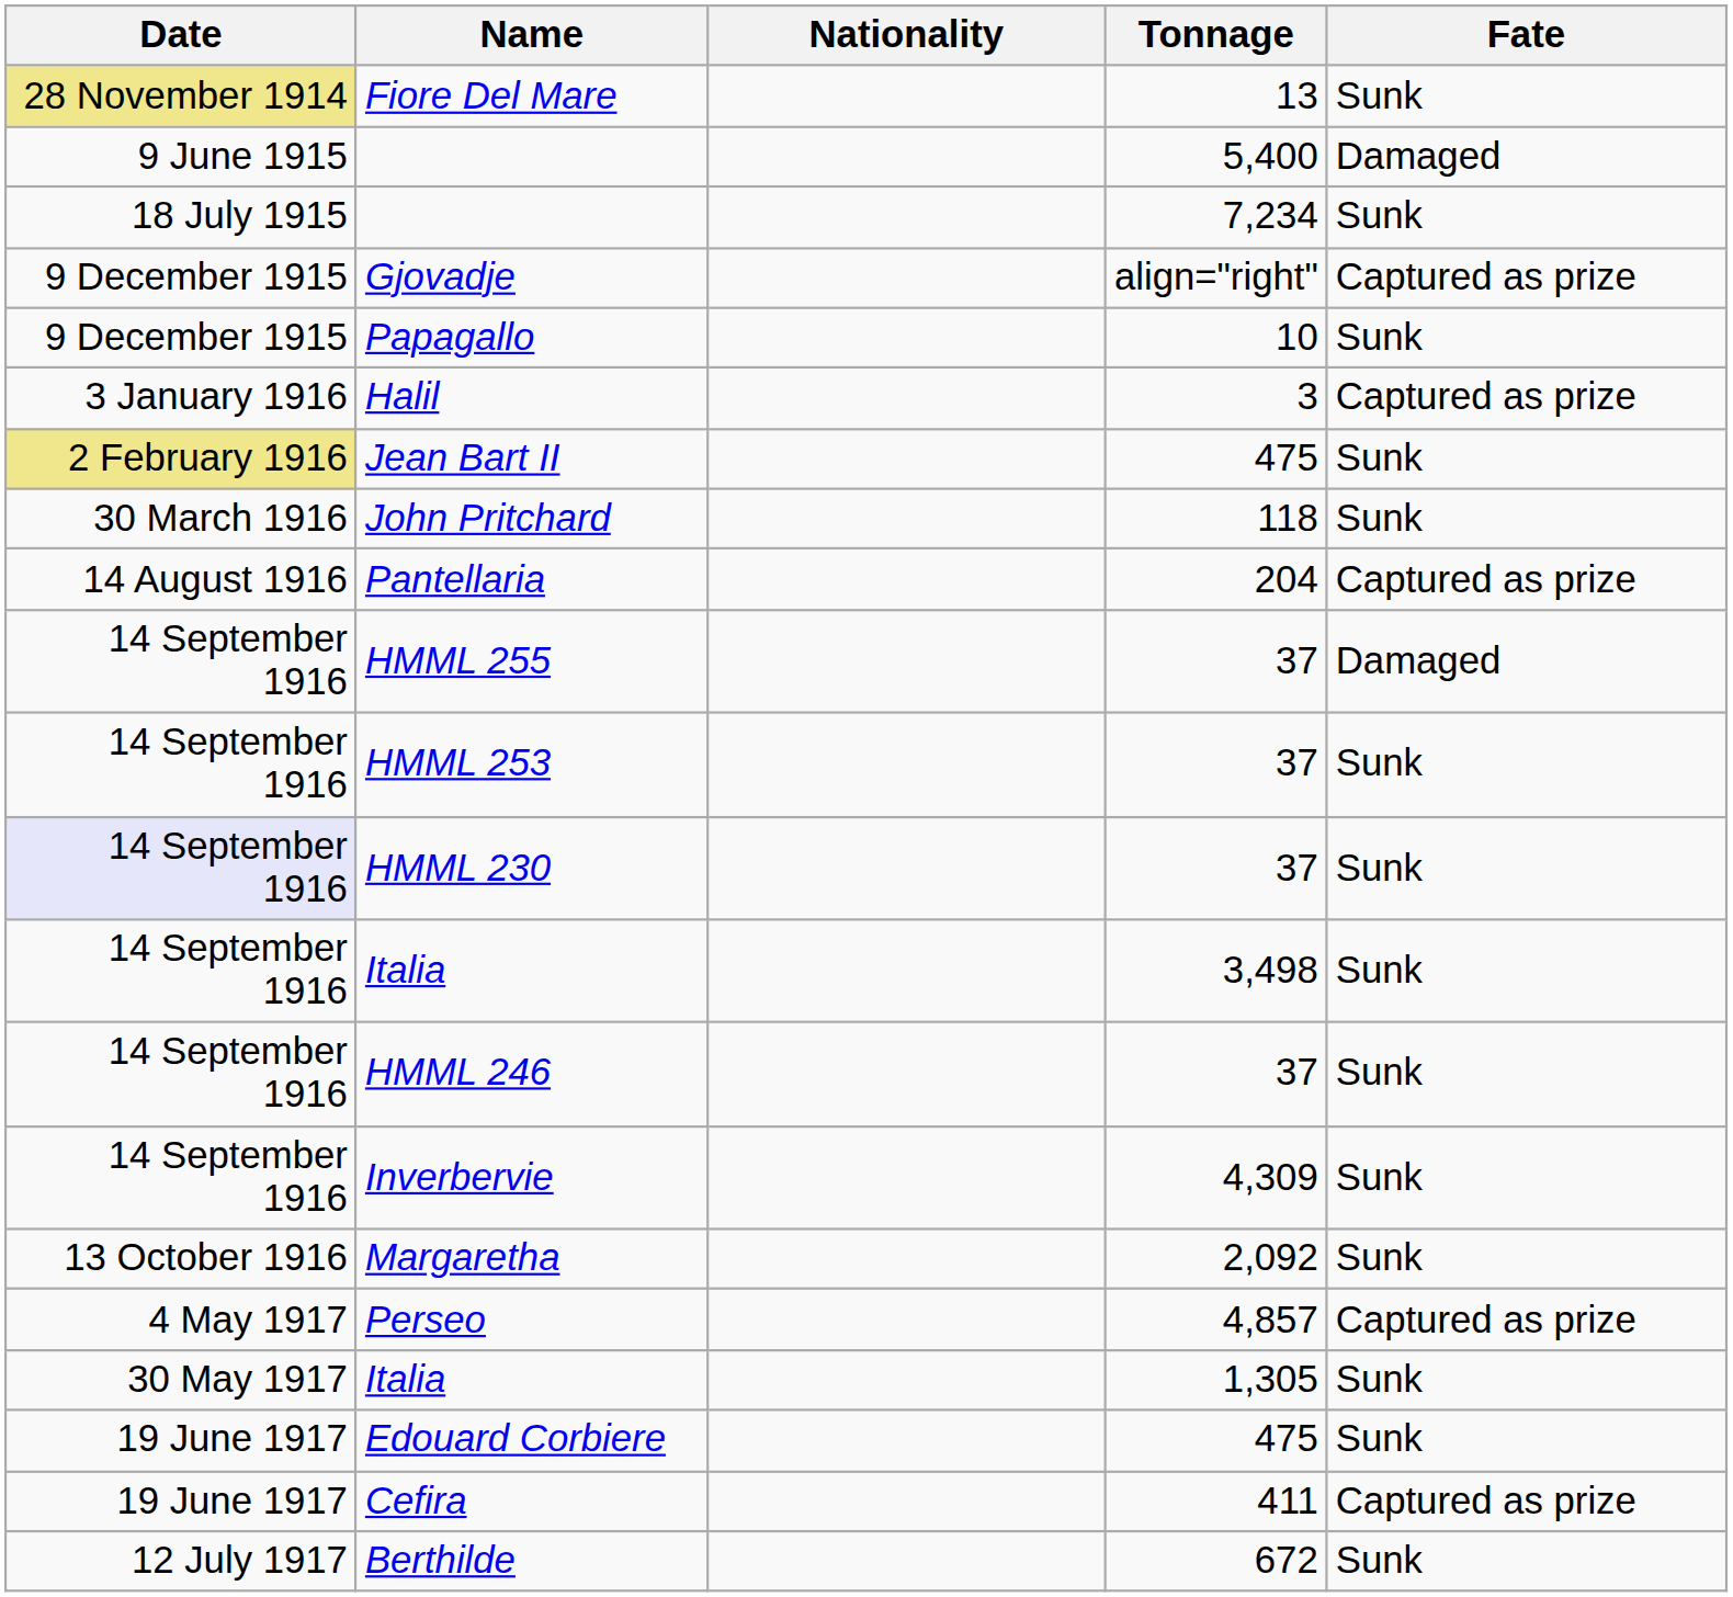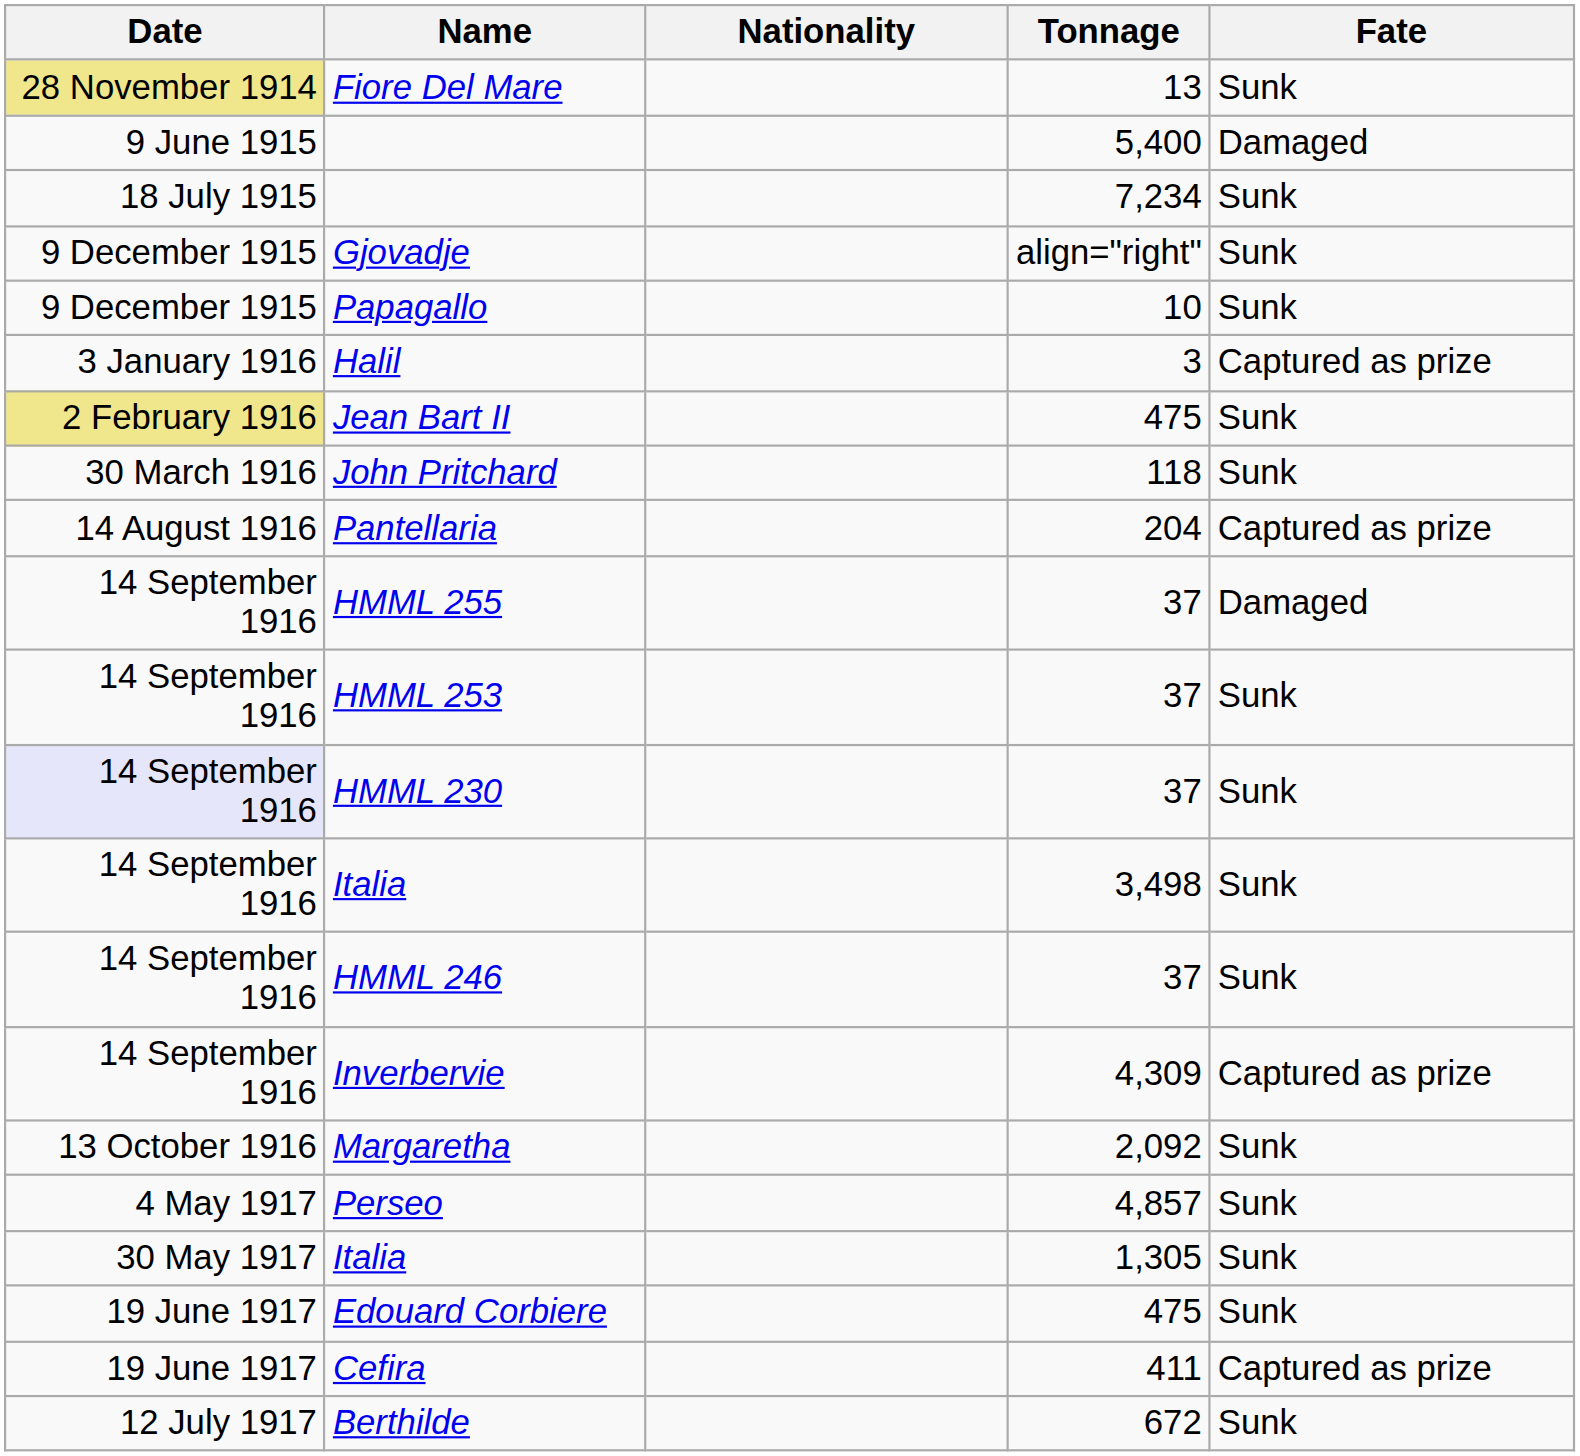 <table class="wikitable sortable">
 <tr>
 <th width="140px">Date</th>
 <th width="140px">Name</th>
 <th width="160px">Nationality</th>
 <th width="25px">Tonnage</th>
 <th width="160px">Fate</th>
 </tr>
 <tr>
 <td align="right" style="background: khaki;">28 November 1914</td>
 <td align="left"><a href='#'><em>Fiore Del Mare</em></a></td>
 <td align="left"></td>
 <td align="right">13</td>
 <td align="left">Sunk</td>
 </tr>
 <tr>
 <td align="right">9 June 1915</td>
 <td align="left"></td>
 <td align="left"></td>
 <td align="right">5,400</td>
 <td align="left">Damaged</td>
 </tr>
 <tr>
 <td align="right">18 July 1915</td>
 <td align="left"></td>
 <td align="left"></td>
 <td align="right">7,234</td>
 <td align="left">Sunk</td>
 </tr>
 <tr>
 <td align="right">9 December 1915</td>
 <td align="left"><a href='#'><em>Gjovadje</em></a></td>
 <td align="left"></td>
 <td>align="right"</td>
-<td align="left">Captured as prize</td>
+<td align="left">Sunk</td>
 </tr>
 <tr>
 <td align="right">9 December 1915</td>
 <td align="left"><a href='#'><em>Papagallo</em></a></td>
 <td align="left"></td>
 <td align="right">10</td>
 <td align="left">Sunk</td>
 </tr>
 <tr>
 <td align="right">3 January 1916</td>
 <td align="left"><a href='#'><em>Halil</em></a></td>
 <td align="left"></td>
 <td align="right">3</td>
 <td align="left">Captured as prize</td>
 </tr>
 <tr>
 <td align="right" style="background: khaki;">2 February 1916</td>
 <td align="left"><a href='#'><em>Jean Bart II</em></a></td>
 <td align="left"></td>
 <td align="right">475</td>
 <td align="left">Sunk</td>
 </tr>
 <tr>
 <td align="right">30 March 1916</td>
 <td align="left"><a href='#'><em>John Pritchard</em></a></td>
 <td align="left"></td>
 <td align="right">118</td>
 <td align="left">Sunk</td>
 </tr>
 <tr>
 <td align="right">14 August 1916</td>
 <td align="left"><a href='#'><em>Pantellaria</em></a></td>
 <td align="left"></td>
 <td align="right">204</td>
 <td align="left">Captured as prize</td>
 </tr>
 <tr>
 <td align="right">14 September 1916</td>
 <td align="left"><a href='#'><em>HMML 255</em></a></td>
 <td align="left"></td>
 <td align="right">37</td>
 <td align="left">Damaged</td>
 </tr>
 <tr>
 <td align="right">14 September 1916</td>
 <td align="left"><a href='#'><em>HMML 253</em></a></td>
 <td align="left"></td>
 <td align="right">37</td>
 <td align="left">Sunk</td>
 </tr>
 <tr>
 <td align="right" style="background: lavender;">14 September 1916</td>
 <td align="left"><a href='#'><em>HMML 230</em></a></td>
 <td align="left"></td>
 <td align="right">37</td>
 <td align="left">Sunk</td>
 </tr>
 <tr>
 <td align="right">14 September 1916</td>
 <td align="left"><a href='#'><em>Italia</em></a></td>
 <td align="left"></td>
 <td align="right">3,498</td>
 <td align="left">Sunk</td>
 </tr>
 <tr>
 <td align="right">14 September 1916</td>
 <td align="left"><a href='#'><em>HMML 246</em></a></td>
 <td align="left"></td>
 <td align="right">37</td>
 <td align="left">Sunk</td>
 </tr>
 <tr>
 <td align="right">14 September 1916</td>
 <td align="left"><a href='#'><em>Inverbervie</em></a></td>
 <td align="left"></td>
 <td align="right">4,309</td>
-<td align="left">Sunk</td>
+<td align="left">Captured as prize</td>
 </tr>
 <tr>
 <td align="right">13 October 1916</td>
 <td align="left"><a href='#'><em>Margaretha</em></a></td>
 <td align="left"></td>
 <td align="right">2,092</td>
 <td align="left">Sunk</td>
 </tr>
 <tr>
 <td align="right">4 May 1917</td>
 <td align="left"><a href='#'><em>Perseo</em></a></td>
 <td align="left"></td>
 <td align="right">4,857</td>
-<td align="left">Captured as prize</td>
+<td align="left">Sunk</td>
 </tr>
 <tr>
 <td align="right">30 May 1917</td>
 <td align="left"><a href='#'><em>Italia</em></a></td>
 <td align="left"></td>
 <td align="right">1,305</td>
 <td align="left">Sunk</td>
 </tr>
 <tr>
 <td align="right">19 June 1917</td>
 <td align="left"><a href='#'><em>Edouard Corbiere</em></a></td>
 <td align="left"></td>
 <td align="right">475</td>
 <td align="left">Sunk</td>
 </tr>
 <tr>
 <td align="right">19 June 1917</td>
 <td align="left"><a href='#'><em>Cefira</em></a></td>
 <td align="left"></td>
 <td align="right">411</td>
 <td align="left">Captured as prize</td>
 </tr>
 <tr>
 <td align="right">12 July 1917</td>
 <td align="left"><a href='#'><em>Berthilde</em></a></td>
 <td align="left"></td>
 <td align="right">672</td>
 <td align="left">Sunk</td>
 </tr>
 </table>
